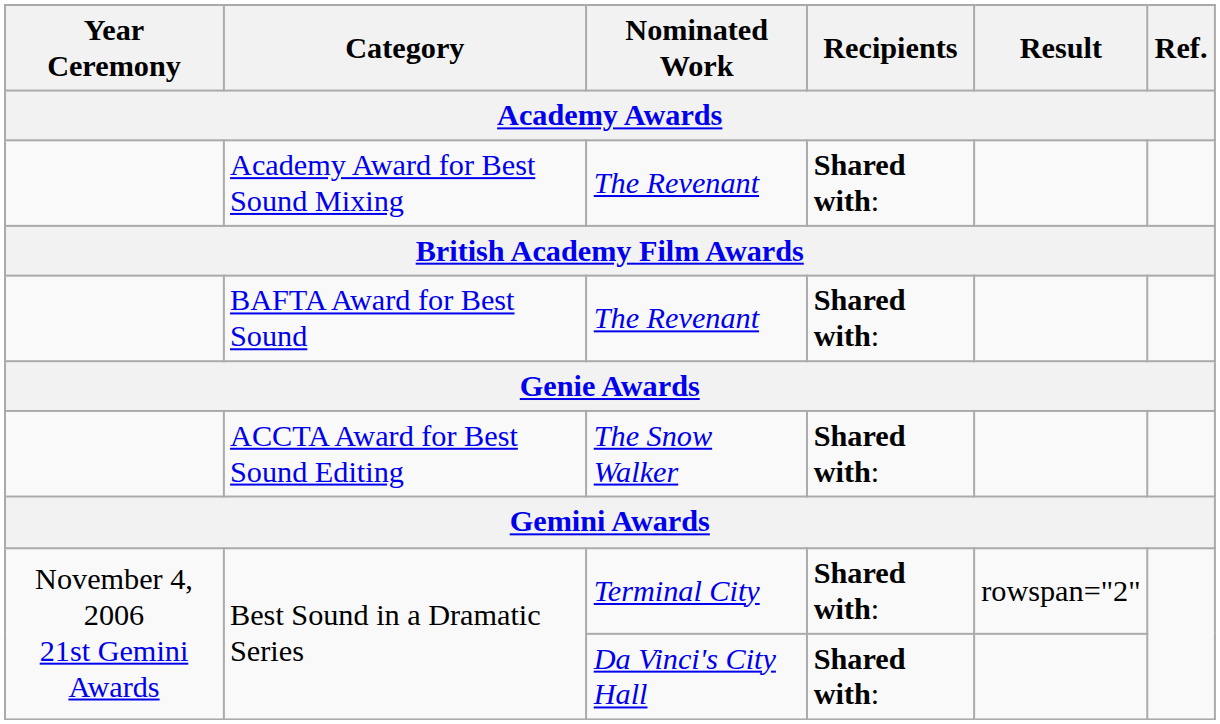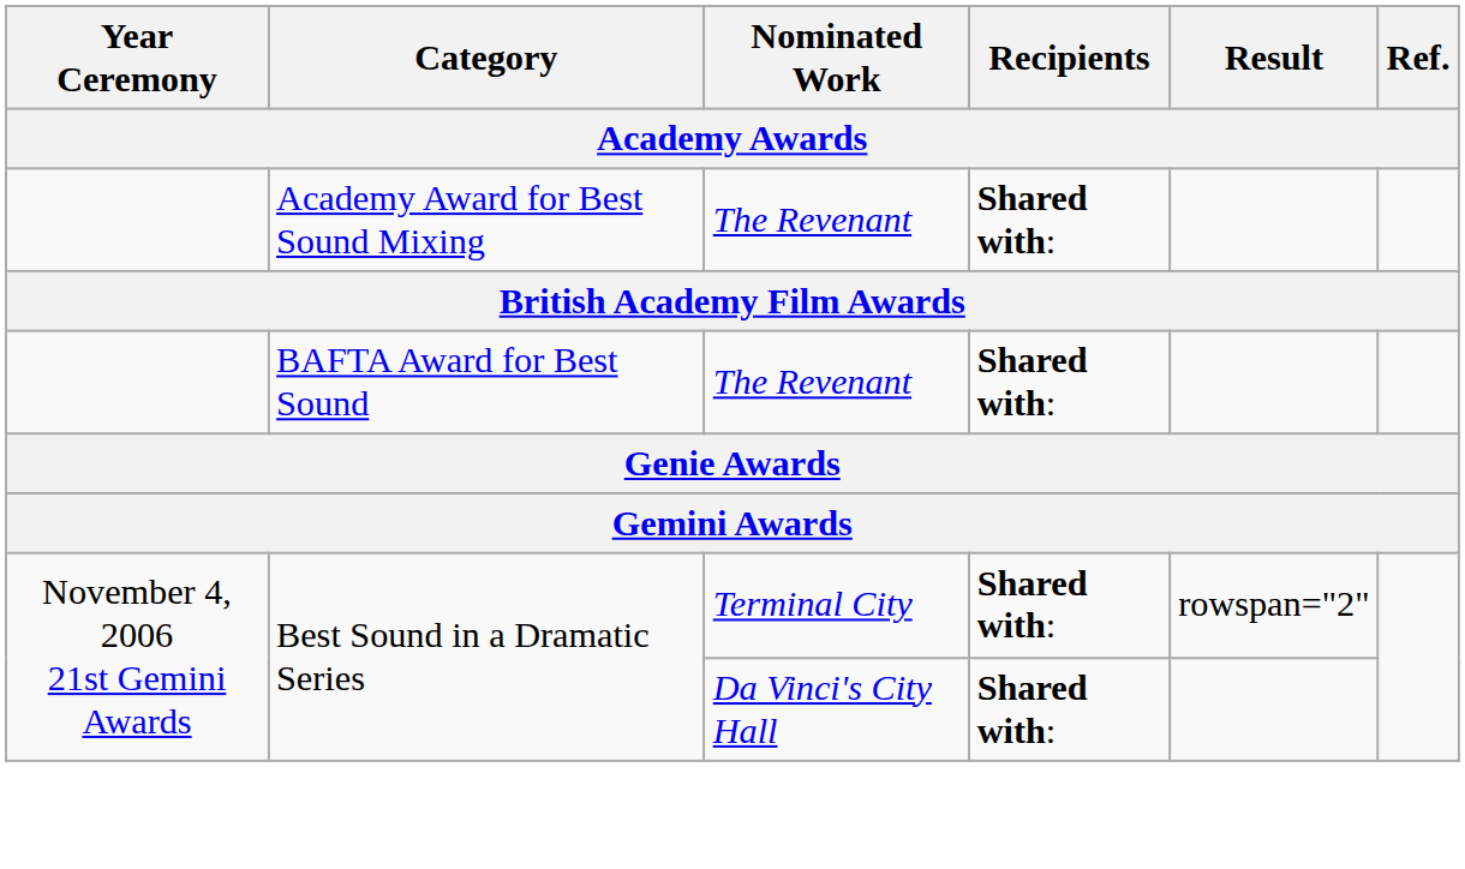 <table class="wikitable" style="font-size: 95%;">
 <tr>
 <th>Year<br>Ceremony</th>
 <th>Category</th>
 <th>Nominated Work</th>
 <th>Recipients</th>
 <th>Result</th>
 <th>Ref.</th>
 </tr>
 <tr>
 <th colspan="6"><a href='#'>Academy Awards</a></th>
 </tr>
 <tr>
 <td></td>
 <td><a href='#'>Academy Award for Best Sound Mixing</a></td>
 <td><em><a href='#'>The Revenant</a></em></td>
 <td><strong>Shared with</strong>:<br></td>
 <td></td>
 <td></td>
 </tr>
 <tr>
 <th colspan="6"><a href='#'>British Academy Film Awards</a></th>
 </tr>
 <tr>
 <td></td>
 <td><a href='#'>BAFTA Award for Best Sound</a></td>
 <td><em><a href='#'>The Revenant</a></em></td>
 <td><strong>Shared with</strong>:<br></td>
 <td></td>
 <td></td>
 </tr>
 <tr>
 <th colspan="6"><a href='#'>Genie Awards</a></th>
 </tr>
 <tr>
-<td></td>
-<td><a href='#'>ACCTA Award for Best Sound Editing</a></td>
-<td><em><a href='#'>The Snow Walker</a></em></td>
-<td><strong>Shared with</strong>:<br></td>
-<td></td>
-<td></td>
-</tr>
-<tr>
 <th colspan="6"><a href='#'>Gemini Awards</a></th>
 </tr>
 <tr>
 <td rowspan="2" style="text-align:center;">November 4, 2006<br><a href='#'>21st Gemini Awards</a></td>
 <td rowspan="2">Best Sound in a Dramatic Series</td>
 <td><em><a href='#'>Terminal City</a></em></td>
 <td><strong>Shared with</strong>:<br></td>
 <td>rowspan="2" </td>
 <td rowspan="2"></td>
 </tr>
 <tr>
 <td><em><a href='#'>Da Vinci's City Hall</a></em></td>
 <td><strong>Shared with</strong>:<br></td>
 </tr>
 </table>
